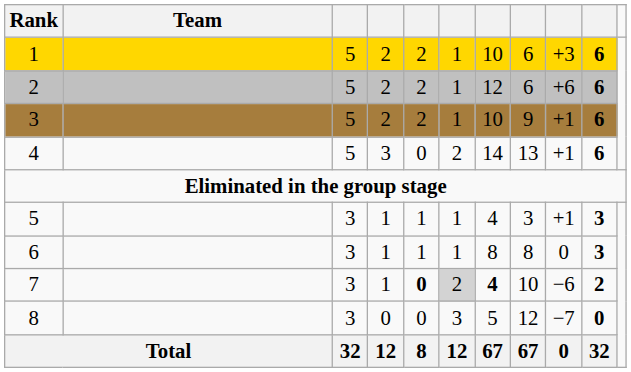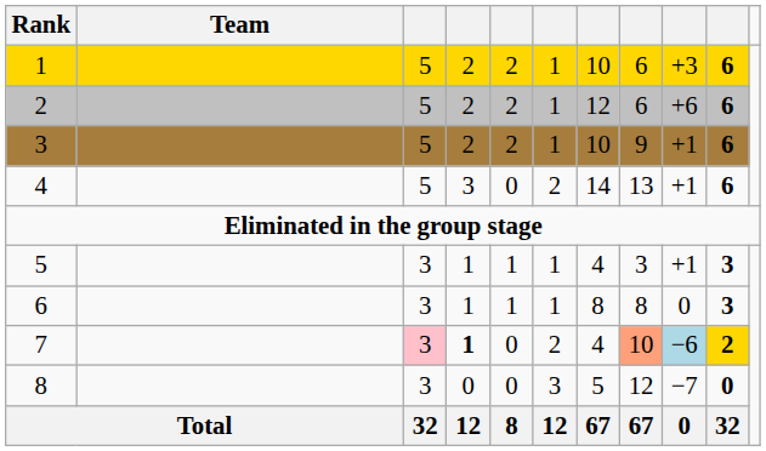 <table class="wikitable" style="text-align:center">
 <tr>
 <th width=20>Rank</th>
 <th width=200>Team</th>
 <th width="20"></th>
 <th width="20"></th>
 <th width="20"></th>
 <th width="20"></th>
 <th width="20"></th>
 <th width="20"></th>
 <th width="20"></th>
 <th width="20"></th>
 <td></td>
 </tr>
 <tr style="background:gold;">
 <td>1</td>
 <td style="text-align:left;"></td>
 <td>5</td>
 <td>2</td>
 <td>2</td>
 <td>1</td>
 <td>10</td>
 <td>6</td>
 <td>+3</td>
 <td><strong>6</strong></td>
 </tr>
 <tr style="background:silver;">
 <td>2</td>
 <td style="text-align:left;"></td>
 <td>5</td>
 <td>2</td>
 <td>2</td>
 <td>1</td>
 <td>12</td>
 <td>6</td>
 <td>+6</td>
 <td><strong>6</strong></td>
 </tr>
 <tr style="background:#a67d3d;">
 <td>3</td>
 <td style="text-align:left;"></td>
 <td>5</td>
 <td>2</td>
 <td>2</td>
 <td>1</td>
 <td>10</td>
 <td>9</td>
 <td>+1</td>
 <td><strong>6</strong></td>
 </tr>
 <tr>
 <td>4</td>
 <td style="text-align:left;"></td>
 <td>5</td>
 <td>3</td>
 <td>0</td>
 <td>2</td>
 <td>14</td>
 <td>13</td>
 <td>+1</td>
 <td><strong>6</strong></td>
 </tr>
 <tr>
 <td colspan=14><strong>Eliminated in the group stage</strong></td>
 </tr>
 <tr>
 <td>5</td>
 <td style="text-align:left;"></td>
 <td>3</td>
 <td>1</td>
 <td>1</td>
 <td>1</td>
 <td>4</td>
 <td>3</td>
 <td>+1</td>
 <td><strong>3</strong></td>
 </tr>
 <tr>
 <td>6</td>
 <td style="text-align:left;"></td>
 <td>3</td>
 <td>1</td>
 <td>1</td>
 <td>1</td>
 <td>8</td>
 <td>8</td>
 <td>0</td>
 <td><strong>3</strong></td>
 </tr>
 <tr>
 <td>7</td>
 <td style="text-align:left;"></td>
-<td>3</td>
-<td>1</td>
-<td><strong>0</strong></td>
-<td style="background: lightgrey;">2</td>
-<td><strong>4</strong></td>
-<td>10</td>
-<td>−6</td>
-<td><strong>2</strong></td>
+<td style="background: pink;">3</td>
+<td><strong>1</strong></td>
+<td>0</td>
+<td>2</td>
+<td>4</td>
+<td style="background: lightsalmon;">10</td>
+<td style="background: lightblue;">−6</td>
+<td style="background: gold;"><strong>2</strong></td>
 </tr>
 <tr>
 <td>8</td>
 <td style="text-align:left;"></td>
 <td>3</td>
 <td>0</td>
 <td>0</td>
 <td>3</td>
 <td>5</td>
 <td>12</td>
 <td>−7</td>
 <td><strong>0</strong></td>
 </tr>
 <tr>
 <th colspan=2>Total</th>
 <th>32</th>
 <th>12</th>
 <th>8</th>
 <th>12</th>
 <th>67</th>
 <th>67</th>
 <th>0</th>
 <th>32</th>
 </tr>
 </table>
